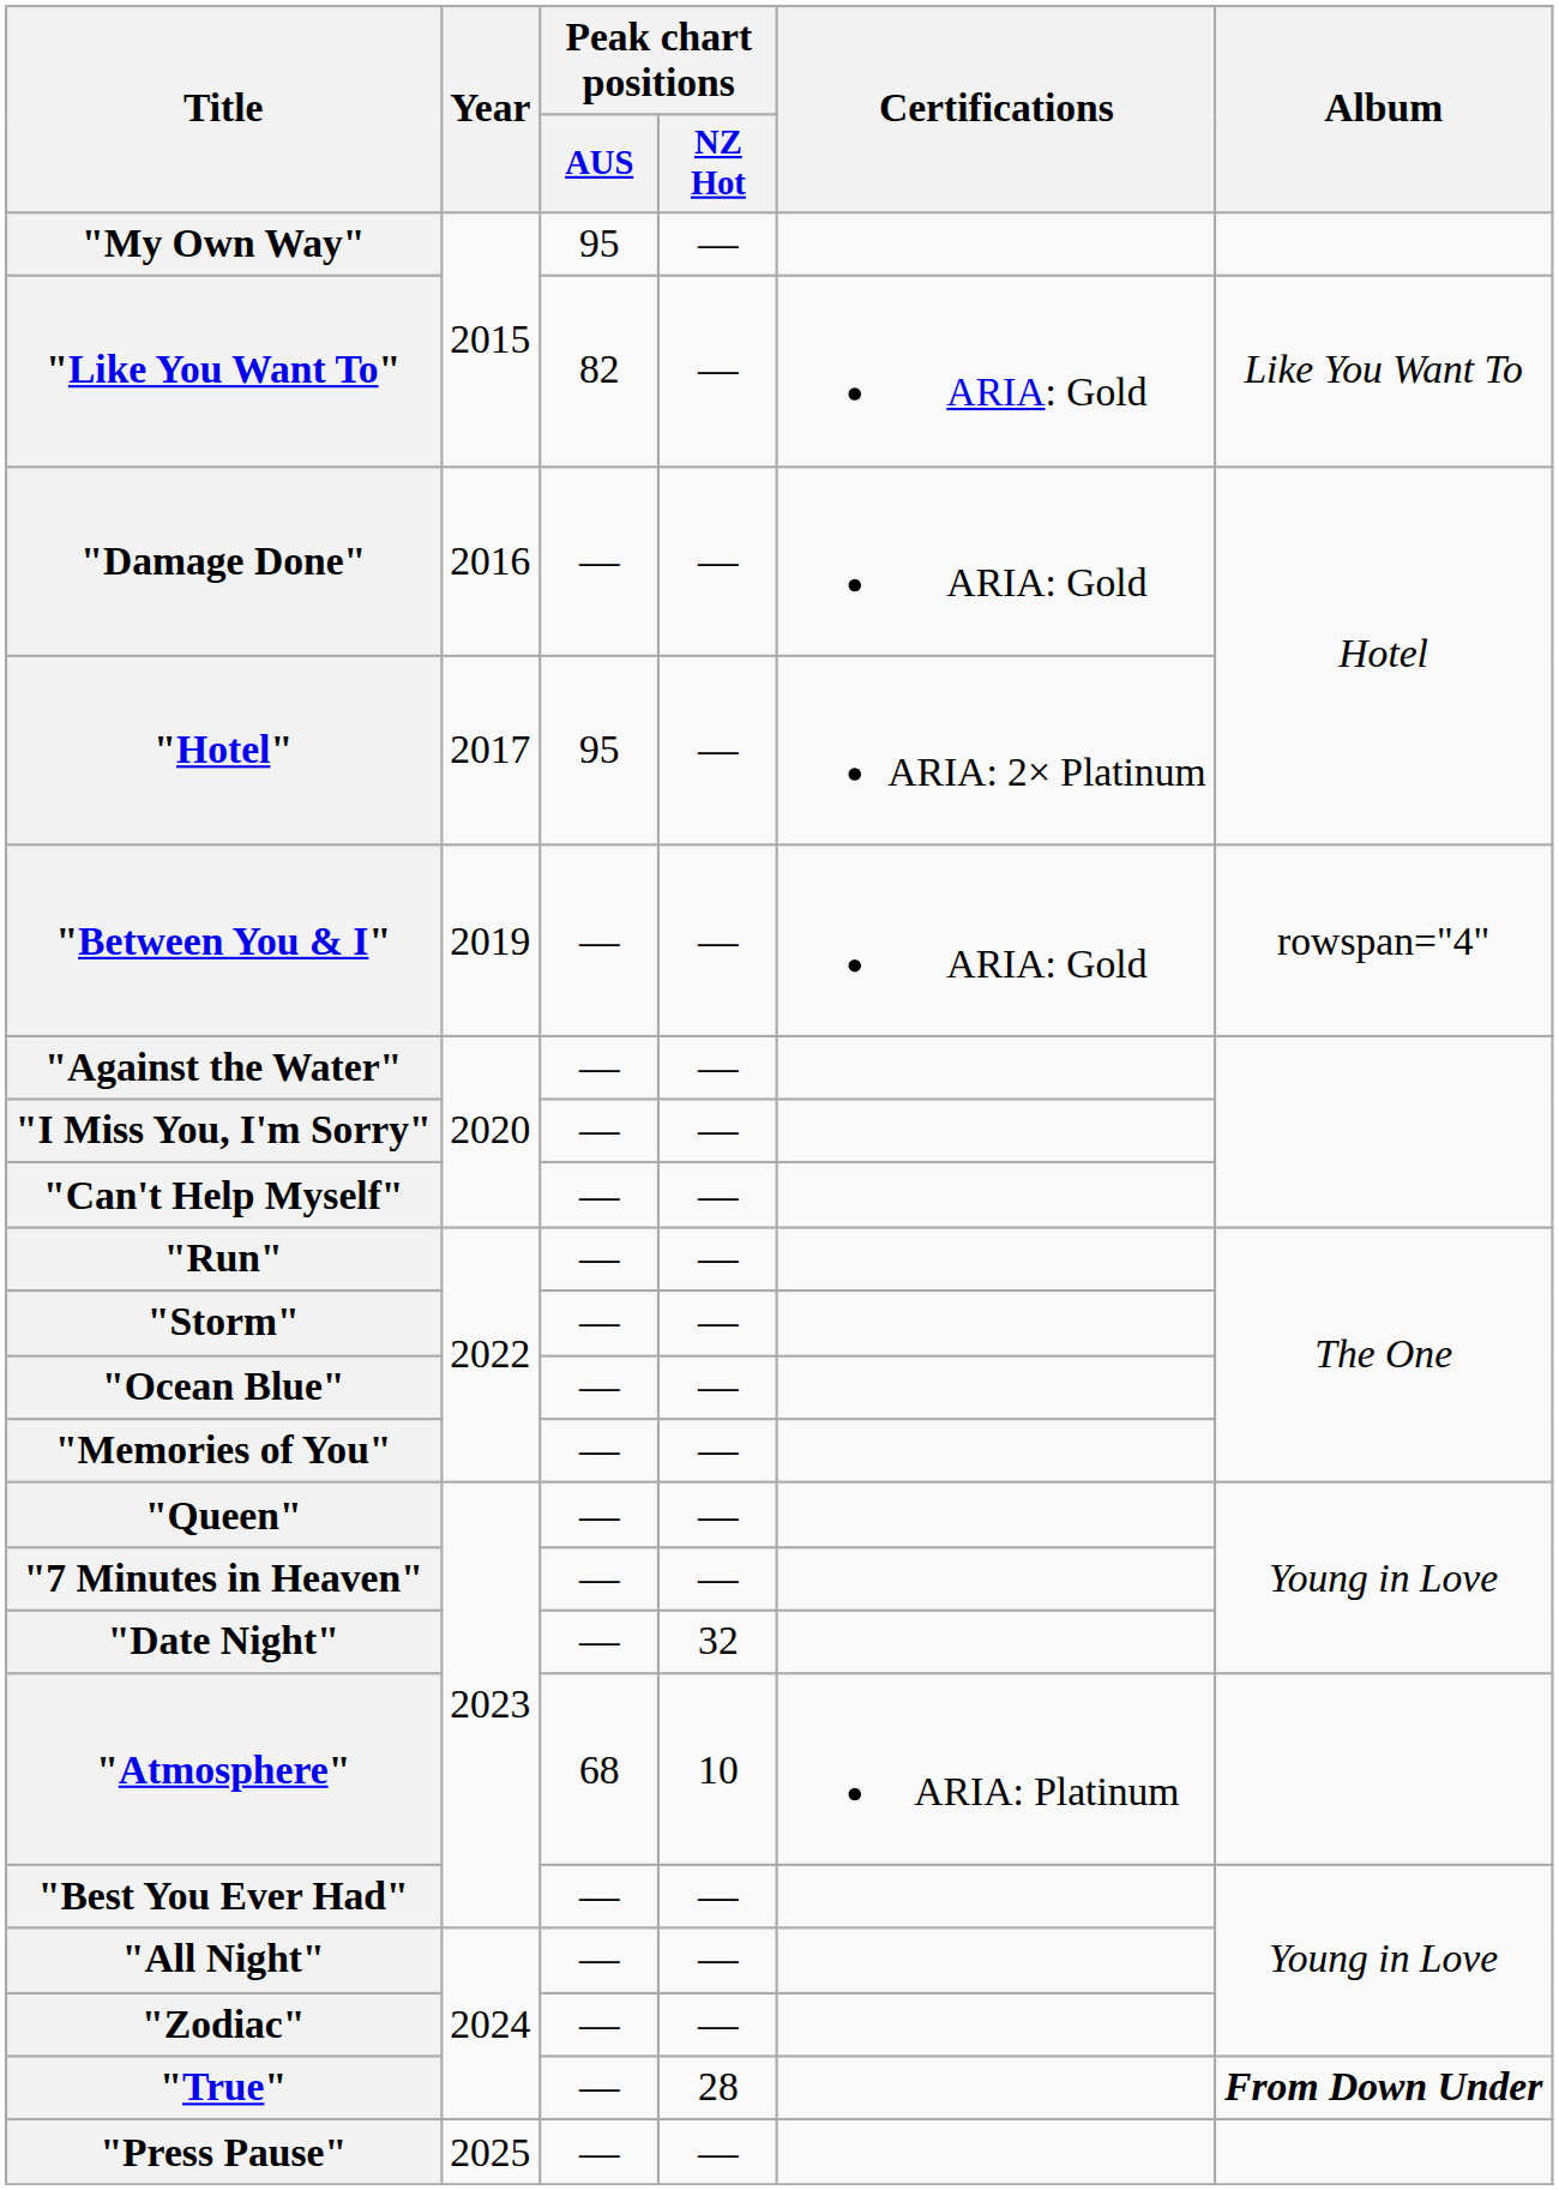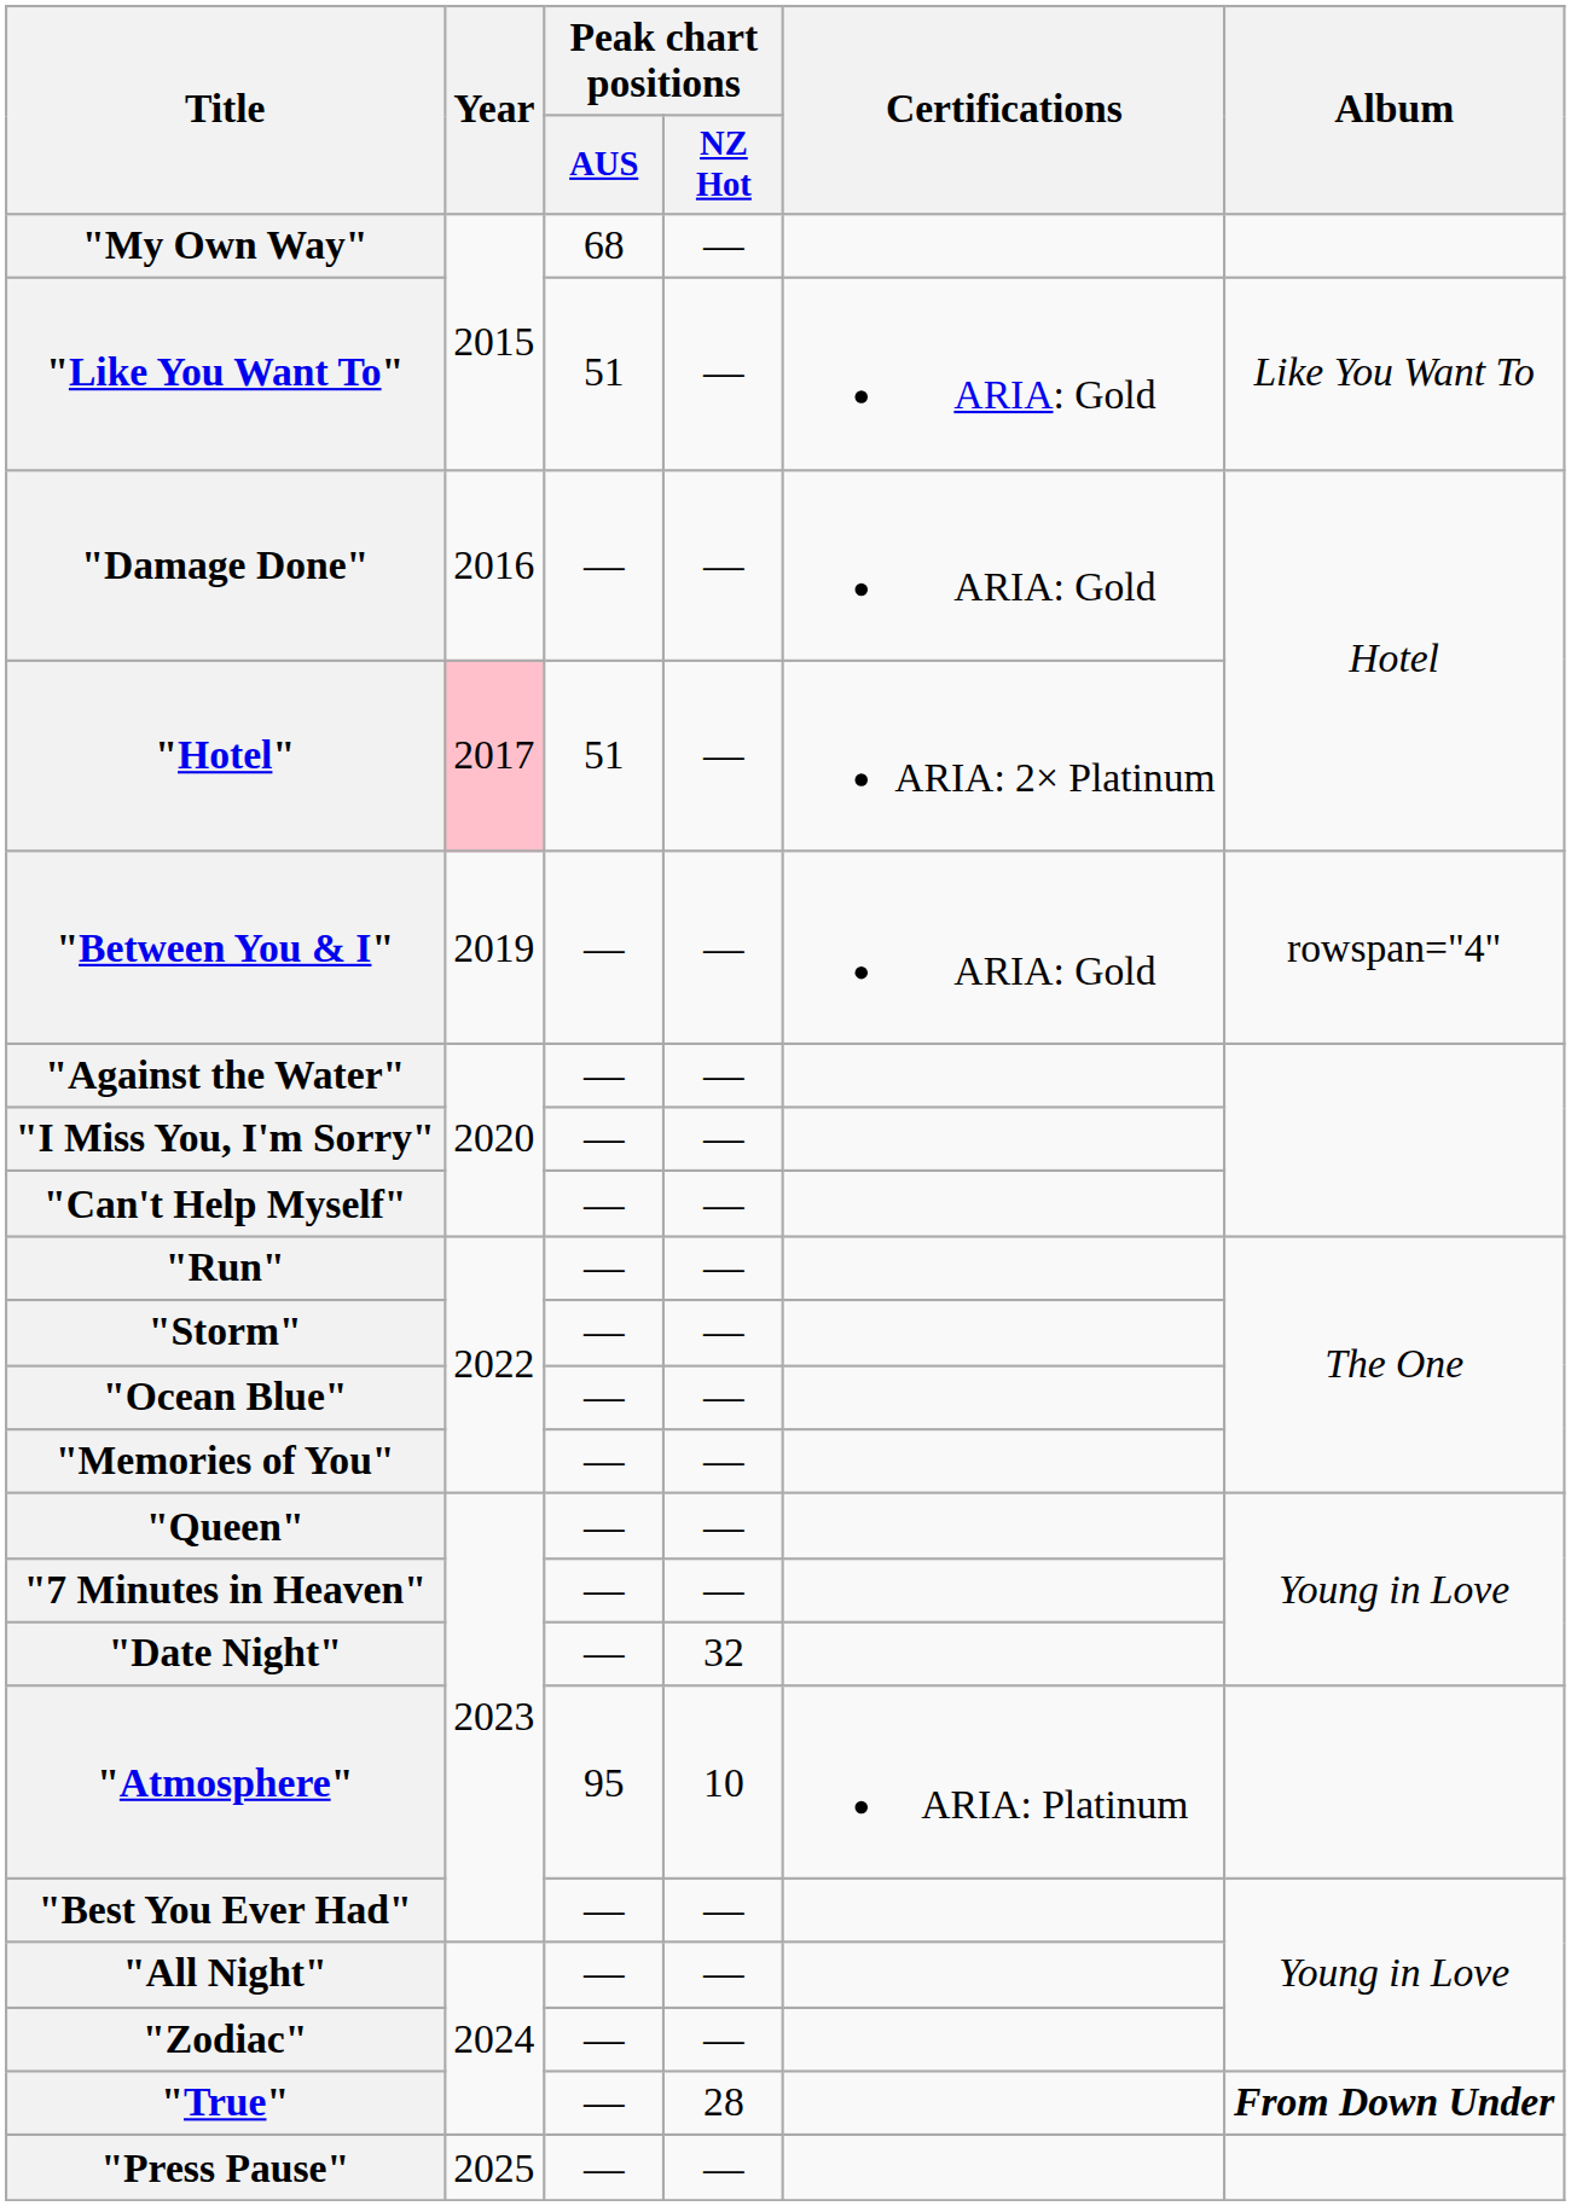 <table class="wikitable plainrowheaders" style="text-align:center">
 <tr>
 <th scope="col" rowspan="2">Title</th>
 <th scope="col" rowspan="2">Year</th>
 <th scope="col" colspan="2">Peak chart positions</th>
 <th scope="col" rowspan="2">Certifications</th>
 <th scope="col" rowspan="2">Album</th>
 </tr>
 <tr>
 <th scope="col" style="width:3em;font-size:85%;"><a href='#'>AUS</a><br></th>
 <th scope="col" style="width:3em;font-size:85%;"><a href='#'>NZ<br>Hot</a><br></th>
 </tr>
 <tr>
 <th scope="row">"My Own Way"</th>
 <td rowspan="2">2015</td>
-<td>95</td>
+<td>68</td>
 <td>—</td>
 <td></td>
 <td></td>
 </tr>
 <tr>
 <th scope="row">"<a href='#'>Like You Want To</a>"</th>
-<td>82</td>
+<td>51</td>
 <td>—</td>
 <td><br><ul><li><a href='#'>ARIA</a>: Gold</li></ul></td>
 <td><em>Like You Want To</em></td>
 </tr>
 <tr>
 <th scope="row">"Damage Done"</th>
 <td>2016</td>
 <td>—</td>
 <td>—</td>
 <td><br><ul><li>ARIA: Gold</li></ul></td>
 <td rowspan="2"><em>Hotel</em></td>
 </tr>
 <tr>
 <th scope="row">"<a href='#'>Hotel</a>"</th>
-<td>2017</td>
-<td>95</td>
+<td style="background: pink;">2017</td>
+<td>51</td>
 <td>—</td>
 <td><br><ul><li>ARIA: 2× Platinum</li></ul></td>
 </tr>
 <tr>
 <th scope="row">"<a href='#'>Between You & I</a>"</th>
 <td>2019</td>
 <td>—</td>
 <td>—</td>
 <td><br><ul><li>ARIA: Gold</li></ul></td>
 <td>rowspan="4" </td>
 </tr>
 <tr>
 <th scope="row">"Against the Water"</th>
 <td rowspan="3">2020</td>
 <td>—</td>
 <td>—</td>
 <td></td>
 </tr>
 <tr>
 <th scope="row">"I Miss You, I'm Sorry"</th>
 <td>—</td>
 <td>—</td>
 <td></td>
 </tr>
 <tr>
 <th scope="row">"Can't Help Myself"</th>
 <td>—</td>
 <td>—</td>
 <td></td>
 </tr>
 <tr>
 <th scope="row">"Run"</th>
 <td rowspan="4">2022</td>
 <td>—</td>
 <td>—</td>
 <td></td>
 <td rowspan="4"><em>The One</em></td>
 </tr>
 <tr>
 <th scope="row">"Storm"</th>
 <td>—</td>
 <td>—</td>
 <td></td>
 </tr>
 <tr>
 <th scope="row">"Ocean Blue"</th>
 <td>—</td>
 <td>—</td>
 <td></td>
 </tr>
 <tr>
 <th scope="row">"Memories of You"</th>
 <td>—</td>
 <td>—</td>
 <td></td>
 </tr>
 <tr>
 <th scope="row">"Queen"</th>
 <td rowspan="5">2023</td>
 <td>—</td>
 <td>—</td>
 <td></td>
 <td rowspan="3"><em>Young in Love</em></td>
 </tr>
 <tr>
 <th scope="row">"7 Minutes in Heaven"</th>
 <td>—</td>
 <td>—</td>
 <td></td>
 </tr>
 <tr>
 <th scope="row">"Date Night" <br></th>
 <td>—</td>
 <td>32</td>
 <td></td>
 </tr>
 <tr>
 <th scope="row">"<a href='#'>Atmosphere</a>"<br></th>
-<td>68</td>
+<td>95</td>
 <td>10</td>
 <td><br><ul><li>ARIA: Platinum</li></ul></td>
 <td></td>
 </tr>
 <tr>
 <th scope="row">"Best You Ever Had"</th>
 <td>—</td>
 <td>—</td>
 <td></td>
 <td rowspan="3"><em>Young in Love</em></td>
 </tr>
 <tr>
 <th scope="row">"All Night"<br></th>
 <td rowspan="3">2024</td>
 <td>—</td>
 <td>—</td>
 <td></td>
 </tr>
 <tr>
 <th scope="row">"Zodiac"</th>
 <td>—</td>
 <td>—</td>
 <td></td>
 </tr>
 <tr>
 <th scope="row">"<a href='#'>True</a>"<br></th>
 <td>—</td>
 <td>28</td>
 <td></td>
 <td><strong><em>From Down Under</em></strong></td>
 </tr>
 <tr>
 <th scope="row">"Press Pause"</th>
 <td rowspan="1">2025</td>
 <td>—</td>
 <td>—</td>
 <td></td>
 <td></td>
 </tr>
 <tr>
 </tr>
 </table>
